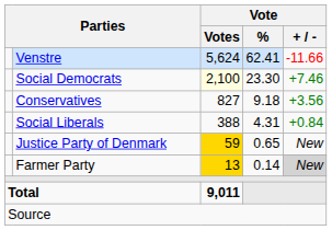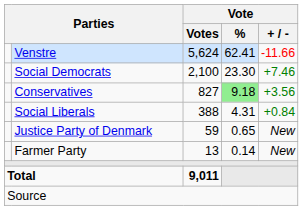 <table class="wikitable" style="text-align:right;">
 <tr>
 <th style="text-align:centre;" rowspan="2" colspan="2" width="225">Parties</th>
 <th colspan="3">Vote</th>
 </tr>
 <tr>
 <th width="15">Votes</th>
 <th width="15">%</th>
 <th width="15">+ / -</th>
 </tr>
 <tr>
 <td width="2" style="color:inherit;background:"></td>
 <td bgcolor=#cfe5fe  align="left"><a href='#'>Venstre</a></td>
 <td bgcolor=#cfe5fe>5,624</td>
 <td bgcolor=#cfe5fe>62.41</td>
 <td style=color:red;>-11.66</td>
 </tr>
 <tr>
 <td width="2" style="color:inherit;background:"></td>
 <td align="left"><a href='#'>Social Democrats</a></td>
-<td style="background: lightyellow;">2,100</td>
+<td>2,100</td>
 <td>23.30</td>
 <td style=color:green;>+7.46</td>
 </tr>
 <tr>
 <td width="2" style="color:inherit;background:"></td>
 <td align="left"><a href='#'>Conservatives</a></td>
 <td>827</td>
-<td>9.18</td>
+<td style="background: lightgreen;">9.18</td>
 <td style=color:green;>+3.56</td>
 </tr>
 <tr>
 <td width="2" style="color:inherit;background:"></td>
 <td align="left"><a href='#'>Social Liberals</a></td>
 <td>388</td>
 <td>4.31</td>
 <td style=color:green;>+0.84</td>
 </tr>
 <tr>
 <td width="2" style="color:inherit;background:"></td>
 <td align="left"><a href='#'>Justice Party of Denmark</a></td>
-<td style="background: gold;">59</td>
+<td>59</td>
 <td>0.65</td>
 <td><em>New</em></td>
 </tr>
 <tr>
 <td width="2" style="color:inherit;background:"></td>
 <td align="left">Farmer Party</td>
-<td style="background: gold;">13</td>
+<td>13</td>
 <td>0.14</td>
-<td style="background: lightgrey;"><em>New</em></td>
+<td><em>New</em></td>
 </tr>
 <tr>
 <td colspan="7" bgcolor="#E9E9E9"></td>
 </tr>
 <tr>
 <td align="left" colspan="2"><strong>Total</strong></td>
 <td><strong>9,011</strong></td>
 <td bgcolor="#E9E9E9" colspan="2"></td>
 </tr>
 <tr>
 <td align="left" colspan="6">Source</td>
 </tr>
 </table>
